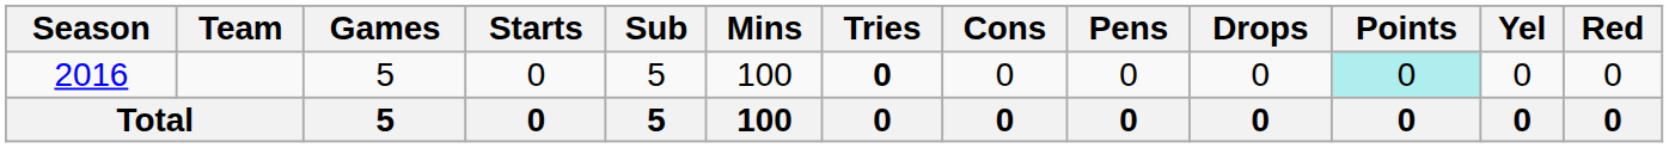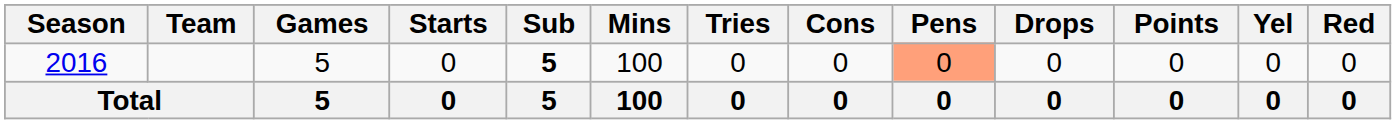 <table class="wikitable" style="text-align:center; line-height:90%; font-size:95%; width:60%;">
 <tr>
 <th>Season</th>
 <th>Team</th>
 <th>Games</th>
 <th>Starts</th>
 <th>Sub</th>
 <th>Mins</th>
 <th>Tries</th>
 <th>Cons</th>
 <th>Pens</th>
 <th>Drops</th>
 <th>Points</th>
 <th>Yel</th>
 <th>Red</th>
 </tr>
 <tr>
 <td><a href='#'>2016</a></td>
 <td></td>
 <td>5</td>
 <td>0</td>
-<td>5</td>
+<td><strong>5</strong></td>
 <td>100</td>
-<td><strong>0</strong></td>
 <td>0</td>
 <td>0</td>
+<td style="background: lightsalmon;">0</td>
 <td>0</td>
-<td style="background: paleturquoise;">0</td>
+<td>0</td>
 <td>0</td>
 <td>0</td>
 </tr>
 <tr>
 <th colspan="2">Total</th>
 <th>5</th>
 <th>0</th>
 <th>5</th>
 <th>100</th>
 <th>0</th>
 <th>0</th>
 <th>0</th>
 <th>0</th>
 <th>0</th>
 <th>0</th>
 <th>0</th>
 </tr>
 </table>
